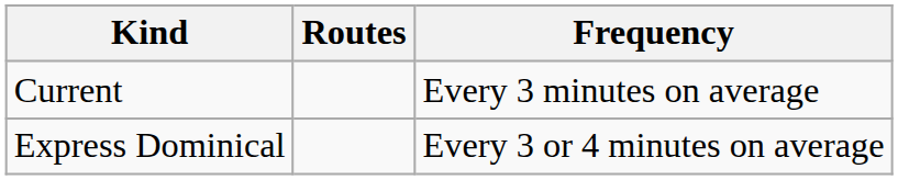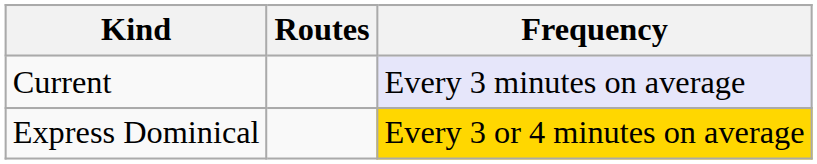 <table class="wikitable" style="margin:1em auto;">
 <tr>
 <th>Kind</th>
 <th>Routes</th>
 <th>Frequency</th>
 </tr>
 <tr>
 <td>Current</td>
 <td></td>
-<td>Every 3 minutes on average</td>
+<td style="background: lavender;">Every 3 minutes on average</td>
 </tr>
 <tr>
 <td>Express Dominical</td>
 <td></td>
-<td>Every 3 or 4 minutes on average</td>
+<td style="background: gold;">Every 3 or 4 minutes on average</td>
 </tr>
 </table>
